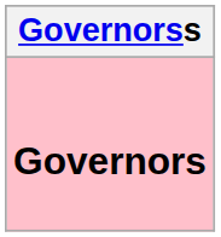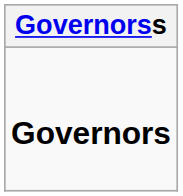 <table class="wikitable collapsible collapsed">
 <tr>
 <th><a href='#'>Governors</a>s</th>
 </tr>
 <tr>
-<td style="background: pink;"><br><h3>Governors</h3> </td>
+<td><br><h3>Governors</h3> </td>
 </tr>
 </table>
